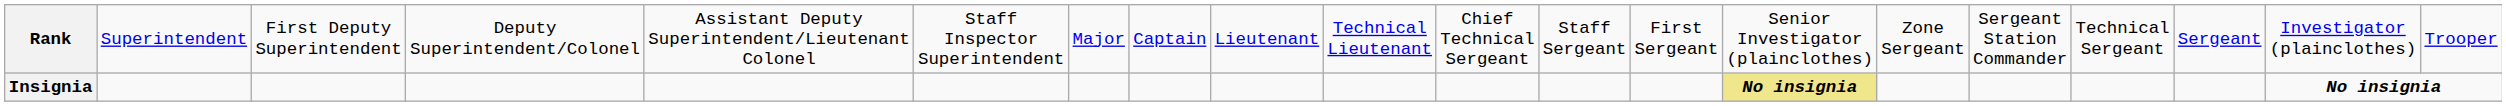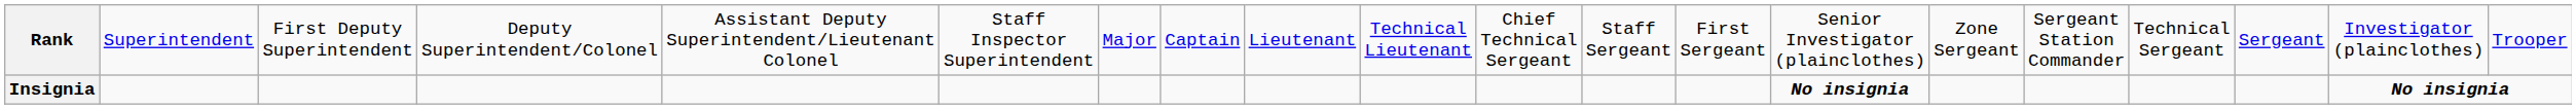 <table class="wikitable">
 <tr style="text-align:center;">
 <th>Rank</th>
 <td><a href='#'>Superintendent</a></td>
 <td>First Deputy Superintendent</td>
 <td>Deputy Superintendent/Colonel</td>
 <td>Assistant Deputy Superintendent/Lieutenant Colonel</td>
 <td>Staff Inspector Superintendent</td>
 <td><a href='#'>Major</a></td>
 <td><a href='#'>Captain</a></td>
 <td><a href='#'>Lieutenant</a></td>
 <td><a href='#'>Technical Lieutenant</a></td>
 <td>Chief Technical Sergeant</td>
 <td>Staff Sergeant</td>
 <td>First Sergeant</td>
 <td>Senior Investigator (plainclothes)</td>
 <td>Zone Sergeant</td>
 <td>Sergeant Station Commander</td>
 <td>Technical Sergeant</td>
 <td><a href='#'>Sergeant</a></td>
 <td><a href='#'>Investigator</a> (plainclothes)</td>
 <td><a href='#'>Trooper</a></td>
 </tr>
 <tr style="text-align:center;">
 <th>Insignia</th>
 <td></td>
 <td></td>
 <td></td>
 <td></td>
 <td></td>
 <td></td>
 <td></td>
 <td></td>
 <td></td>
 <td></td>
 <td></td>
 <td></td>
-<td style="background: khaki;"><strong><em>No insignia</em></strong></td>
+<td><strong><em>No insignia</em></strong></td>
 <td></td>
 <td></td>
 <td></td>
 <td></td>
 <td colspan=2><strong><em>No insignia</em></strong></td>
 </tr>
 </table>
